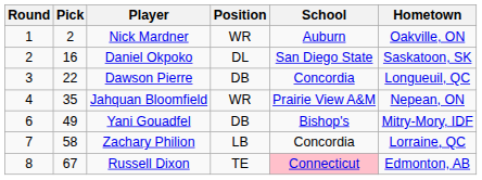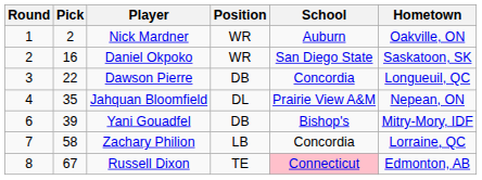 <table class="wikitable sortable">
 <tr>
 <th scope="col">Round</th>
 <th scope="col">Pick</th>
 <th scope="col">Player</th>
 <th scope="col">Position</th>
 <th scope="col">School</th>
 <th scope="col">Hometown</th>
 </tr>
 <tr align="center">
 <td align=center>1</td>
 <td>2</td>
 <td><a href='#'>Nick Mardner</a></td>
 <td>WR</td>
 <td><a href='#'>Auburn</a></td>
 <td><a href='#'>Oakville, ON</a></td>
 </tr>
 <tr align="center">
 <td align=center>2</td>
 <td>16</td>
 <td><a href='#'>Daniel Okpoko</a></td>
-<td>DL</td>
+<td>WR</td>
 <td><a href='#'>San Diego State</a></td>
 <td><a href='#'>Saskatoon, SK</a></td>
 </tr>
 <tr align="center">
 <td align=center>3</td>
 <td>22</td>
 <td><a href='#'>Dawson Pierre</a></td>
 <td>DB</td>
 <td><a href='#'>Concordia</a></td>
 <td><a href='#'>Longueuil, QC</a></td>
 </tr>
 <tr align="center">
 <td align=center>4</td>
 <td>35</td>
 <td><a href='#'>Jahquan Bloomfield</a></td>
-<td>WR</td>
+<td>DL</td>
 <td><a href='#'>Prairie View A&M</a></td>
 <td><a href='#'>Nepean, ON</a></td>
 </tr>
 <tr align="center">
 <td align=center>6</td>
-<td>49</td>
+<td>39</td>
 <td><a href='#'>Yani Gouadfel</a></td>
 <td>DB</td>
 <td><a href='#'>Bishop's</a></td>
 <td><a href='#'>Mitry-Mory, IDF</a></td>
 </tr>
 <tr align="center">
 <td align=center>7</td>
 <td>58</td>
 <td><a href='#'>Zachary Philion</a></td>
 <td>LB</td>
 <td>Concordia</td>
 <td><a href='#'>Lorraine, QC</a></td>
 </tr>
 <tr align="center">
 <td align=center>8</td>
 <td>67</td>
 <td><a href='#'>Russell Dixon</a></td>
 <td>TE</td>
 <td style="background: pink;"><a href='#'>Connecticut</a></td>
 <td><a href='#'>Edmonton, AB</a></td>
 </tr>
 </table>
